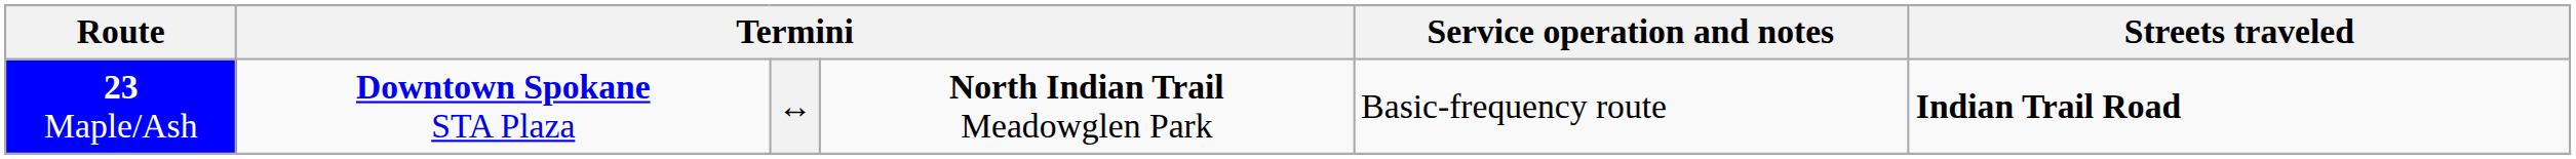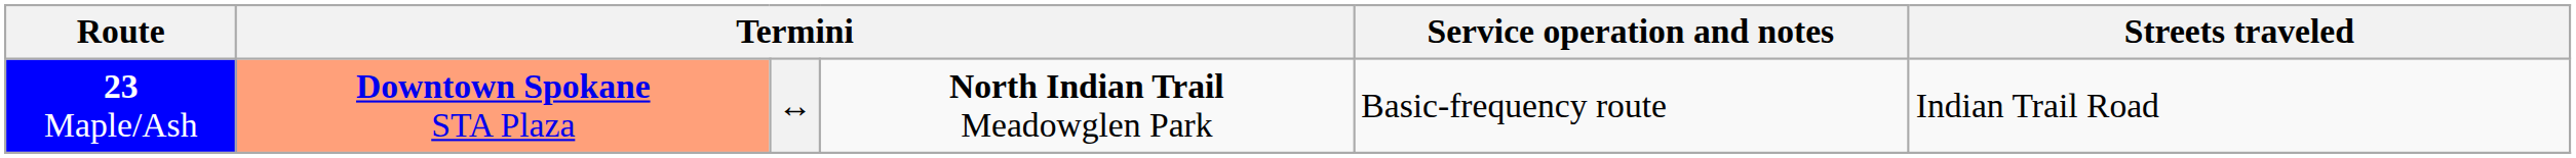 <table class=wikitable style="font-size: 100%;" text-valign="center"|>
 <tr>
 <th width="100px">Route</th>
 <th colspan=3>Termini</th>
 <th width="250px">Service operation and notes</th>
 <th width="300px">Streets traveled</th>
 </tr>
 <tr>
 <td style="background:blue; color:white" align="center" valign=center><div><strong>23</strong><br>Maple/Ash</div></td>
-<td ! width="240px" align="center"><strong><a href='#'>Downtown Spokane</a></strong> <br><a href='#'>STA Plaza</a><br></td>
+<td ! width="240px" align="center" style="background: lightsalmon;"><strong><a href='#'>Downtown Spokane</a></strong> <br><a href='#'>STA Plaza</a><br></td>
 <th><span>↔</span></th>
 <td ! width="240px" align="center"><strong>North Indian Trail</strong><br>Meadowglen Park<br></td>
 <td>Basic-frequency route</td>
-<td><strong>Indian Trail Road</strong></td>
+<td>Indian Trail Road</td>
 </tr>
 <tr>
 </tr>
 </table>
